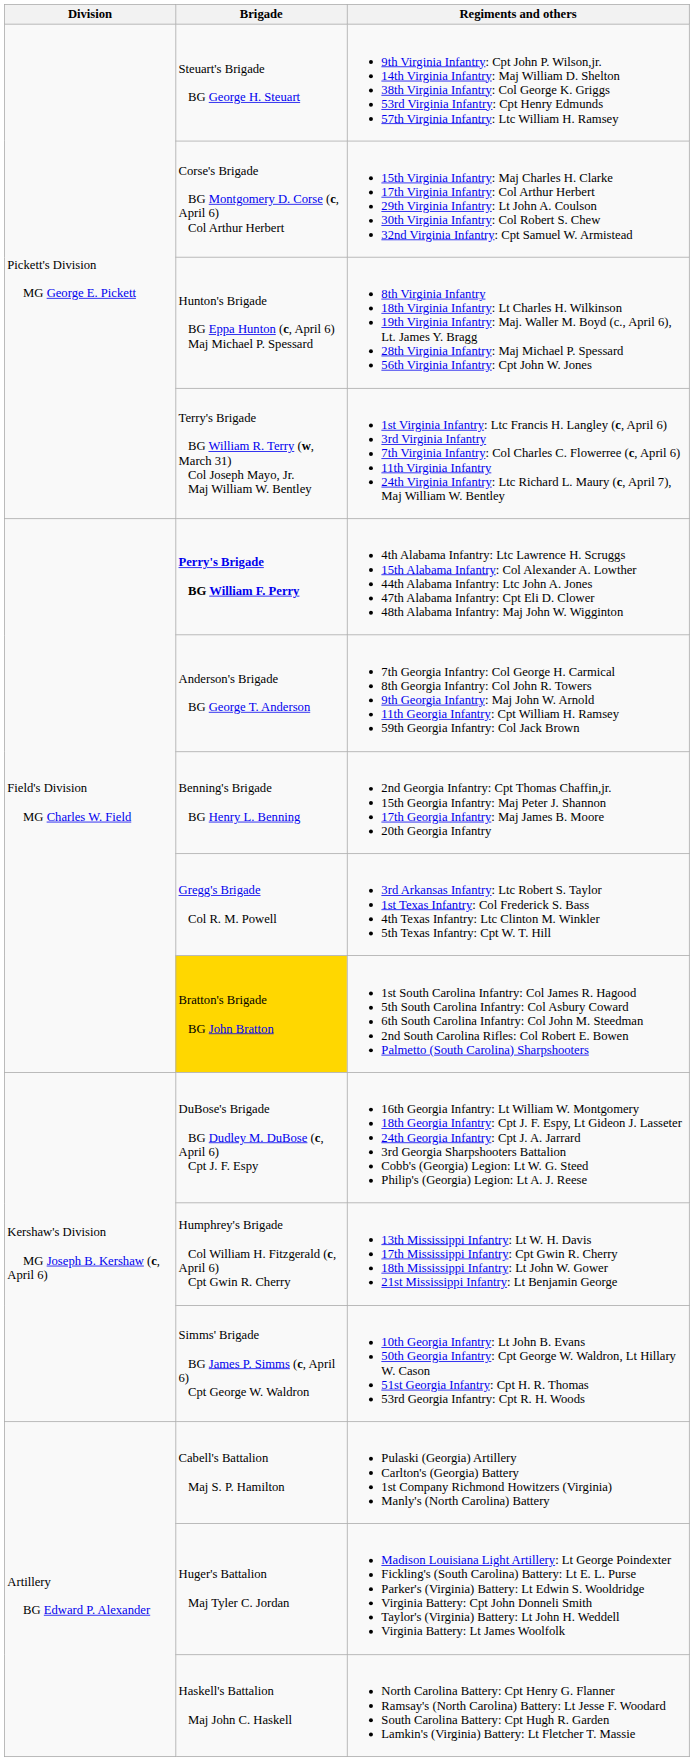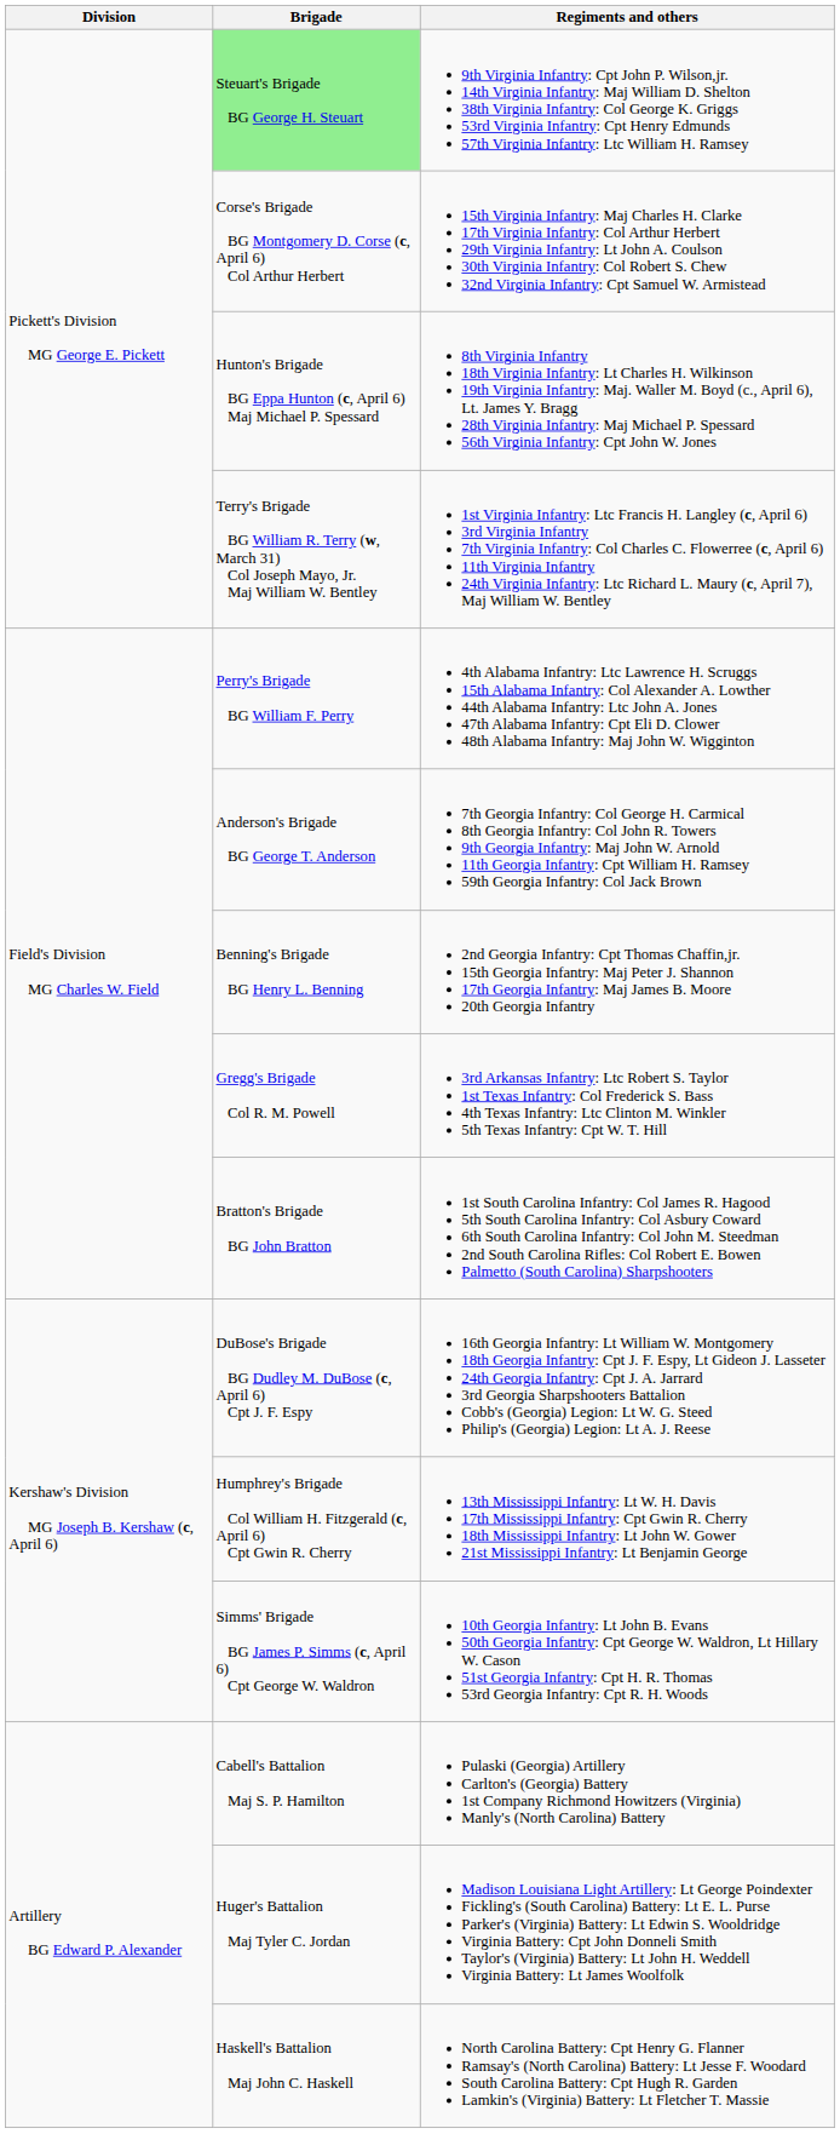 <table class="wikitable">
 <tr>
 <th style="width:25%;">Division</th>
 <th style="width:25%;">Brigade</th>
 <th>Regiments and others</th>
 </tr>
 <tr>
 <td rowspan=4><br>Pickett's Division<br><br>     MG <a href='#'>George E. Pickett</a></td>
-<td>Steuart's Brigade<br><br>   BG <a href='#'>George H. Steuart</a></td>
+<td style="background: lightgreen;">Steuart's Brigade<br><br>   BG <a href='#'>George H. Steuart</a></td>
 <td><br><ul><li><a href='#'>9th Virginia Infantry</a>: Cpt John P. Wilson,jr.</li><li><a href='#'>14th Virginia Infantry</a>: Maj William D. Shelton</li><li><a href='#'>38th Virginia Infantry</a>: Col George K. Griggs</li><li><a href='#'>53rd Virginia Infantry</a>: Cpt Henry Edmunds</li><li><a href='#'>57th Virginia Infantry</a>: Ltc William H. Ramsey</li></ul></td>
 </tr>
 <tr>
 <td>Corse's Brigade<br><br>   BG <a href='#'>Montgomery D. Corse</a> (<strong>c</strong>, April 6) <br>   Col Arthur Herbert</td>
 <td><br><ul><li><a href='#'>15th Virginia Infantry</a>: Maj Charles H. Clarke</li><li><a href='#'>17th Virginia Infantry</a>: Col Arthur Herbert</li><li><a href='#'>29th Virginia Infantry</a>: Lt John A. Coulson</li><li><a href='#'>30th Virginia Infantry</a>: Col Robert S. Chew</li><li><a href='#'>32nd Virginia Infantry</a>: Cpt Samuel W. Armistead</li></ul></td>
 </tr>
 <tr>
 <td>Hunton's Brigade<br><br>   BG <a href='#'>Eppa Hunton</a> (<strong>c</strong>, April 6) <br>   Maj Michael P. Spessard</td>
 <td><br><ul><li><a href='#'>8th Virginia Infantry</a></li><li><a href='#'>18th Virginia Infantry</a>: Lt Charles H. Wilkinson</li><li><a href='#'>19th Virginia Infantry</a>: Maj. Waller M. Boyd (c., April 6), Lt. James Y. Bragg</li><li><a href='#'>28th Virginia Infantry</a>: Maj Michael P. Spessard</li><li><a href='#'>56th Virginia Infantry</a>: Cpt John W. Jones</li></ul></td>
 </tr>
 <tr>
 <td>Terry's Brigade<br><br>   BG <a href='#'>William R. Terry</a> (<strong>w</strong>, March 31) <br>   Col Joseph Mayo, Jr. <br>   Maj William W. Bentley</td>
 <td><br><ul><li><a href='#'>1st Virginia Infantry</a>: Ltc Francis H. Langley (<strong>c</strong>, April 6)</li><li><a href='#'>3rd Virginia Infantry</a></li><li><a href='#'>7th Virginia Infantry</a>: Col Charles C. Flowerree (<strong>c</strong>, April 6)</li><li><a href='#'>11th Virginia Infantry</a></li><li><a href='#'>24th Virginia Infantry</a>: Ltc Richard L. Maury (<strong>c</strong>, April 7), Maj William W. Bentley</li></ul></td>
 </tr>
 <tr>
 <td rowspan=5><br>Field's Division<br><br>     MG <a href='#'>Charles W. Field</a></td>
-<td><strong><a href='#'>Perry's Brigade</a><br><br>   BG <a href='#'>William F. Perry</a></strong></td>
+<td><a href='#'>Perry's Brigade</a><br><br>   BG <a href='#'>William F. Perry</a></td>
 <td><br><ul><li>4th Alabama Infantry: Ltc Lawrence H. Scruggs</li><li><a href='#'>15th Alabama Infantry</a>: Col Alexander A. Lowther</li><li>44th Alabama Infantry: Ltc John A. Jones</li><li>47th Alabama Infantry: Cpt Eli D. Clower</li><li>48th Alabama Infantry: Maj John W. Wigginton</li></ul></td>
 </tr>
 <tr>
 <td>Anderson's Brigade<br><br>   BG <a href='#'>George T. Anderson</a></td>
 <td><br><ul><li>7th Georgia Infantry: Col George H. Carmical</li><li>8th Georgia Infantry: Col John R. Towers</li><li><a href='#'>9th Georgia Infantry</a>: Maj John W. Arnold</li><li><a href='#'>11th Georgia Infantry</a>: Cpt William H. Ramsey</li><li>59th Georgia Infantry: Col Jack Brown</li></ul></td>
 </tr>
 <tr>
 <td>Benning's Brigade<br><br>   BG <a href='#'>Henry L. Benning</a></td>
 <td><br><ul><li>2nd Georgia Infantry: Cpt Thomas Chaffin,jr.</li><li>15th Georgia Infantry: Maj Peter J. Shannon</li><li><a href='#'>17th Georgia Infantry</a>: Maj James B. Moore</li><li>20th Georgia Infantry</li></ul></td>
 </tr>
 <tr>
 <td><a href='#'>Gregg's Brigade</a><br><br>   Col R. M. Powell</td>
 <td><br><ul><li><a href='#'>3rd Arkansas Infantry</a>: Ltc Robert S. Taylor</li><li><a href='#'>1st Texas Infantry</a>: Col Frederick S. Bass</li><li>4th Texas Infantry: Ltc Clinton M. Winkler</li><li>5th Texas Infantry: Cpt W. T. Hill</li></ul></td>
 </tr>
 <tr>
-<td style="background: gold;">Bratton's Brigade<br><br>   BG <a href='#'>John Bratton</a></td>
+<td>Bratton's Brigade<br><br>   BG <a href='#'>John Bratton</a></td>
 <td><br><ul><li>1st South Carolina Infantry: Col James R. Hagood</li><li>5th South Carolina Infantry: Col Asbury Coward</li><li>6th South Carolina Infantry: Col John M. Steedman</li><li>2nd South Carolina Rifles: Col Robert E. Bowen</li><li><a href='#'>Palmetto (South Carolina) Sharpshooters</a></li></ul></td>
 </tr>
 <tr>
 <td rowspan=3><br>Kershaw's Division<br><br>     MG <a href='#'>Joseph B. Kershaw</a> (<strong>c</strong>, April 6)</td>
 <td>DuBose's Brigade<br><br>   BG <a href='#'>Dudley M. DuBose</a> (<strong>c</strong>, April 6) <br>   Cpt J. F. Espy</td>
 <td><br><ul><li>16th Georgia Infantry: Lt William W. Montgomery</li><li><a href='#'>18th Georgia Infantry</a>: Cpt J. F. Espy, Lt Gideon J. Lasseter</li><li><a href='#'>24th Georgia Infantry</a>: Cpt J. A. Jarrard</li><li>3rd Georgia Sharpshooters Battalion</li><li>Cobb's (Georgia) Legion: Lt W. G. Steed</li><li>Philip's (Georgia) Legion: Lt A. J. Reese</li></ul></td>
 </tr>
 <tr>
 <td>Humphrey's Brigade<br><br>   Col William H. Fitzgerald (<strong>c</strong>, April 6) <br>   Cpt Gwin R. Cherry</td>
 <td><br><ul><li><a href='#'>13th Mississippi Infantry</a>: Lt W. H. Davis</li><li><a href='#'>17th Mississippi Infantry</a>: Cpt Gwin R. Cherry</li><li><a href='#'>18th Mississippi Infantry</a>: Lt John W. Gower</li><li><a href='#'>21st Mississippi Infantry</a>: Lt Benjamin George</li></ul></td>
 </tr>
 <tr>
 <td>Simms' Brigade<br><br>   BG <a href='#'>James P. Simms</a> (<strong>c</strong>, April 6) <br>   Cpt George W. Waldron</td>
 <td><br><ul><li><a href='#'>10th Georgia Infantry</a>: Lt John B. Evans</li><li><a href='#'>50th Georgia Infantry</a>: Cpt George W. Waldron, Lt Hillary W. Cason</li><li><a href='#'>51st Georgia Infantry</a>: Cpt H. R. Thomas</li><li>53rd Georgia Infantry: Cpt R. H. Woods</li></ul></td>
 </tr>
 <tr>
 <td rowspan=3><br>Artillery<br><br>     BG <a href='#'>Edward P. Alexander</a></td>
 <td>Cabell's Battalion<br><br>   Maj S. P. Hamilton</td>
 <td><br><ul><li>Pulaski (Georgia) Artillery</li><li>Carlton's (Georgia) Battery</li><li>1st Company Richmond Howitzers (Virginia)</li><li>Manly's (North Carolina) Battery</li></ul></td>
 </tr>
 <tr>
 <td>Huger's Battalion<br><br>   Maj Tyler C. Jordan</td>
 <td><br><ul><li><a href='#'>Madison Louisiana Light Artillery</a>: Lt George Poindexter</li><li>Fickling's (South Carolina) Battery: Lt E. L. Purse</li><li>Parker's (Virginia) Battery: Lt Edwin S. Wooldridge</li><li>Virginia Battery: Cpt John Donneli Smith</li><li>Taylor's (Virginia) Battery: Lt John H. Weddell</li><li>Virginia Battery: Lt James Woolfolk</li></ul></td>
 </tr>
 <tr>
 <td>Haskell's Battalion<br><br>   Maj John C. Haskell</td>
 <td><br><ul><li>North Carolina Battery: Cpt Henry G. Flanner</li><li>Ramsay's (North Carolina) Battery: Lt Jesse F. Woodard</li><li>South Carolina Battery: Cpt Hugh R. Garden</li><li>Lamkin's (Virginia) Battery: Lt Fletcher T. Massie</li></ul></td>
 </tr>
 </table>
